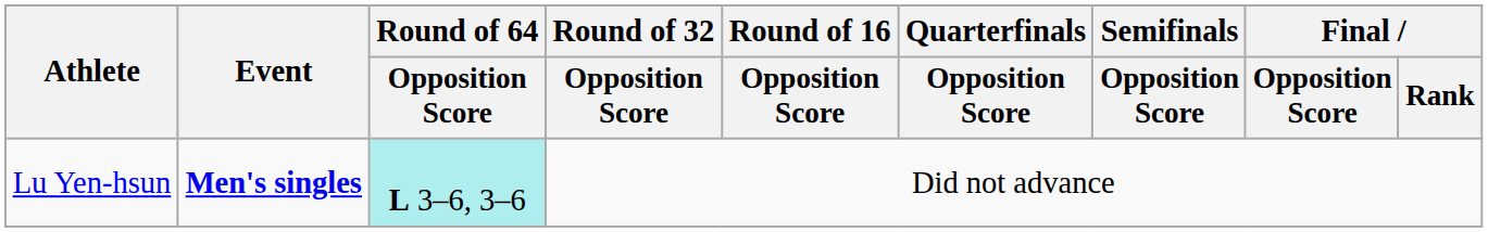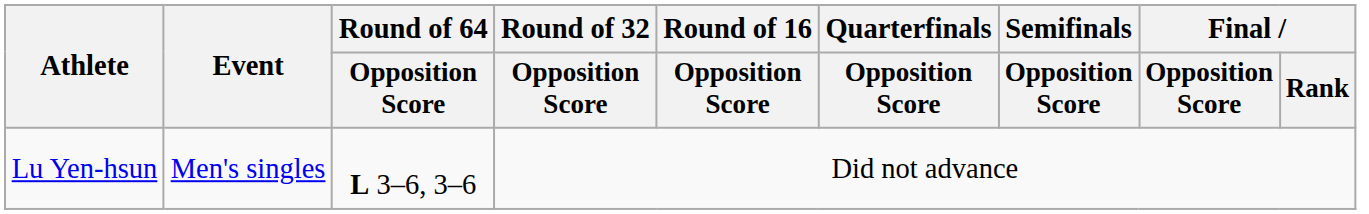 <table class=wikitable style="font-size:90%">
 <tr>
 <th rowspan="2">Athlete</th>
 <th rowspan="2">Event</th>
 <th>Round of 64</th>
 <th>Round of 32</th>
 <th>Round of 16</th>
 <th>Quarterfinals</th>
 <th>Semifinals</th>
 <th colspan=2>Final / </th>
 </tr>
 <tr style="font-size:95%">
 <th>Opposition<br>Score</th>
 <th>Opposition<br>Score</th>
 <th>Opposition<br>Score</th>
 <th>Opposition<br>Score</th>
 <th>Opposition<br>Score</th>
 <th>Opposition<br>Score</th>
 <th>Rank</th>
 </tr>
 <tr align=center>
 <td align=left><a href='#'>Lu Yen-hsun</a></td>
-<td align=left><strong><a href='#'>Men's singles</a></strong></td>
-<td style="background: paleturquoise;"><br><strong>L</strong> 3–6, 3–6</td>
+<td align=left><a href='#'>Men's singles</a></td>
+<td><br><strong>L</strong> 3–6, 3–6</td>
 <td colspan=6>Did not advance</td>
 </tr>
 </table>
